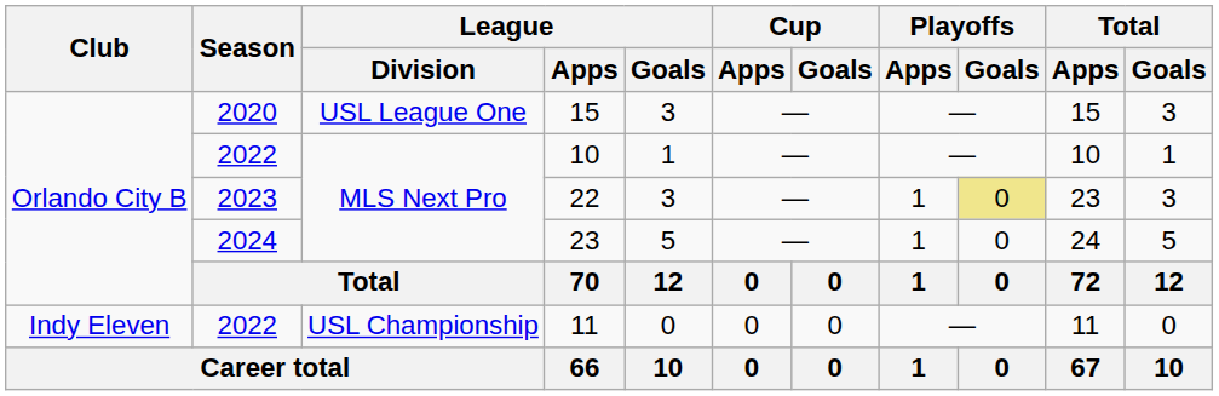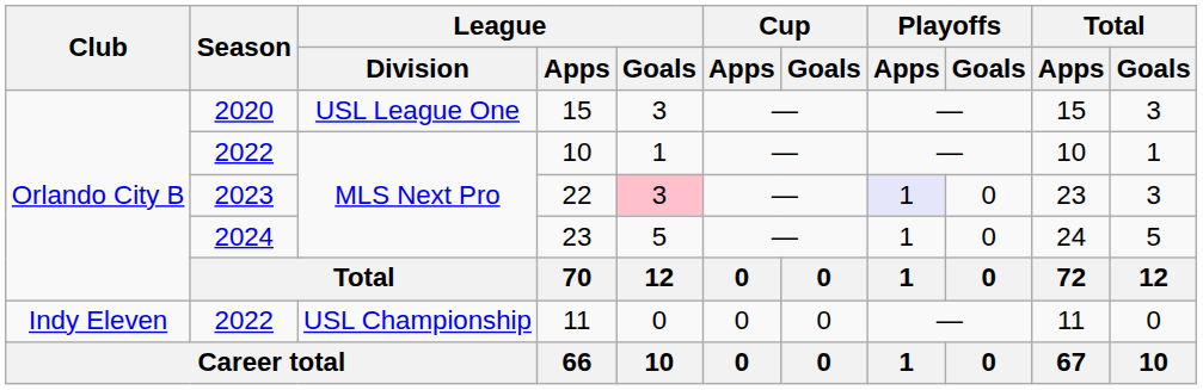 <table class="wikitable" style="text-align:center;">
 <tr>
 <th rowspan="2">Club</th>
 <th rowspan="2">Season</th>
 <th colspan="3">League</th>
 <th colspan="2">Cup</th>
 <th colspan="2">Playoffs</th>
 <th colspan="2">Total</th>
 </tr>
 <tr>
 <th>Division</th>
 <th>Apps</th>
 <th>Goals</th>
 <th>Apps</th>
 <th>Goals</th>
 <th>Apps</th>
 <th>Goals</th>
 <th>Apps</th>
 <th>Goals</th>
 </tr>
 <tr>
 <td rowspan="5"><a href='#'>Orlando City B</a></td>
 <td><a href='#'>2020</a></td>
 <td><a href='#'>USL League One</a></td>
 <td>15</td>
 <td>3</td>
 <td colspan="2">—</td>
 <td colspan="2">—</td>
 <td>15</td>
 <td>3</td>
 </tr>
 <tr>
 <td><a href='#'>2022</a></td>
 <td rowspan="3"><a href='#'>MLS Next Pro</a></td>
 <td>10</td>
 <td>1</td>
 <td colspan="2">—</td>
 <td colspan="2">—</td>
 <td>10</td>
 <td>1</td>
 </tr>
 <tr>
 <td><a href='#'>2023</a></td>
 <td>22</td>
-<td>3</td>
+<td style="background: pink;">3</td>
 <td colspan="2">—</td>
-<td>1</td>
-<td style="background: khaki;">0</td>
+<td style="background: lavender;">1</td>
+<td>0</td>
 <td>23</td>
 <td>3</td>
 </tr>
 <tr>
 <td><a href='#'>2024</a></td>
 <td>23</td>
 <td>5</td>
 <td colspan="2">—</td>
 <td>1</td>
 <td>0</td>
 <td>24</td>
 <td>5</td>
 </tr>
 <tr>
 <th colspan="2">Total</th>
 <th>70</th>
 <th>12</th>
 <th>0</th>
 <th>0</th>
 <th>1</th>
 <th>0</th>
 <th>72</th>
 <th>12</th>
 </tr>
 <tr>
 <td><a href='#'>Indy Eleven</a></td>
 <td><a href='#'>2022</a></td>
 <td><a href='#'>USL Championship</a></td>
 <td>11</td>
 <td>0</td>
 <td>0</td>
 <td>0</td>
 <td colspan="2">—</td>
 <td>11</td>
 <td>0</td>
 </tr>
 <tr>
 <th colspan="3">Career total</th>
 <th>66</th>
 <th>10</th>
 <th>0</th>
 <th>0</th>
 <th>1</th>
 <th>0</th>
 <th>67</th>
 <th>10</th>
 </tr>
 </table>
